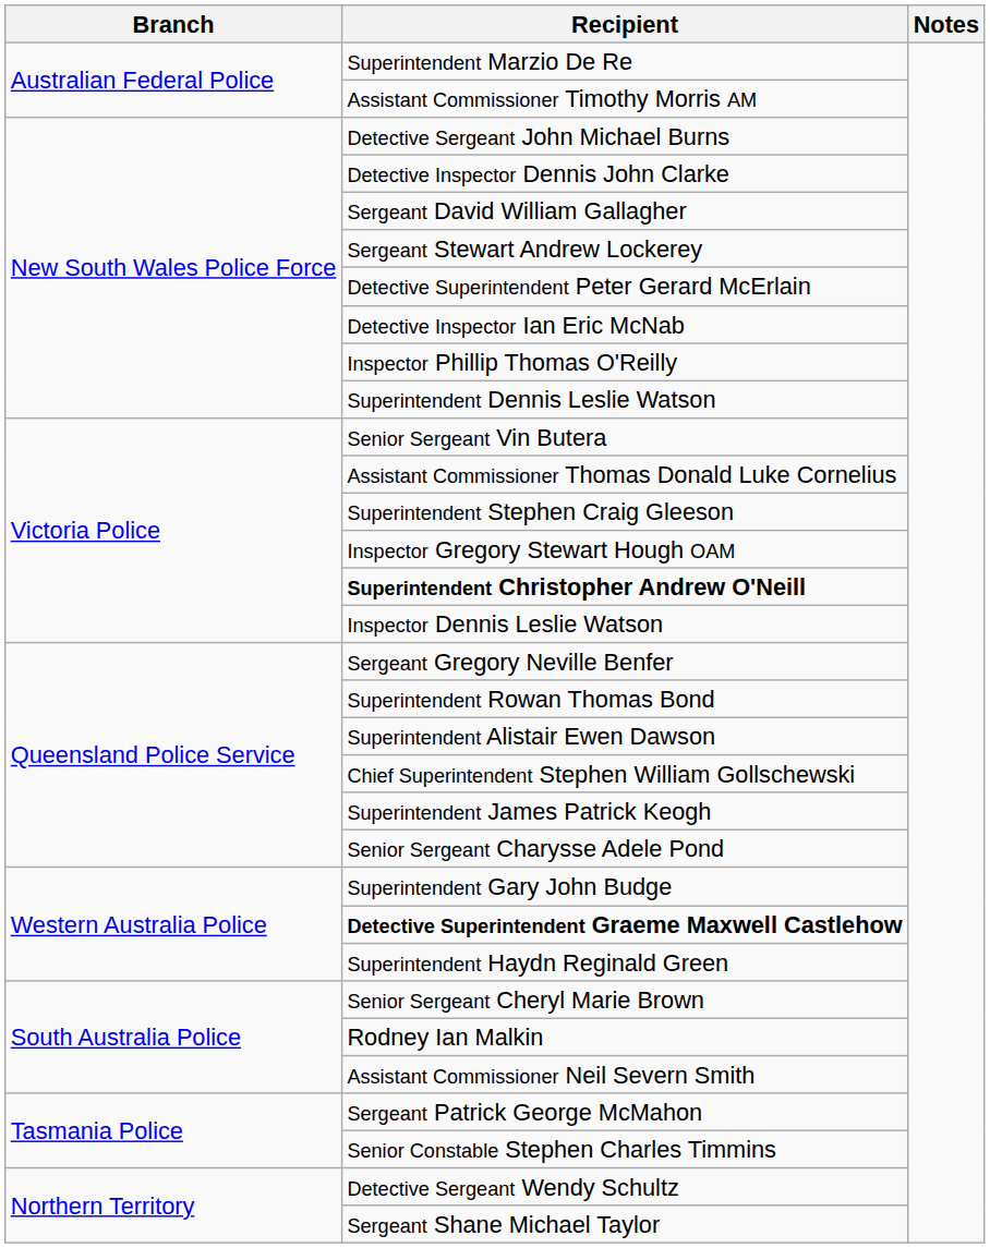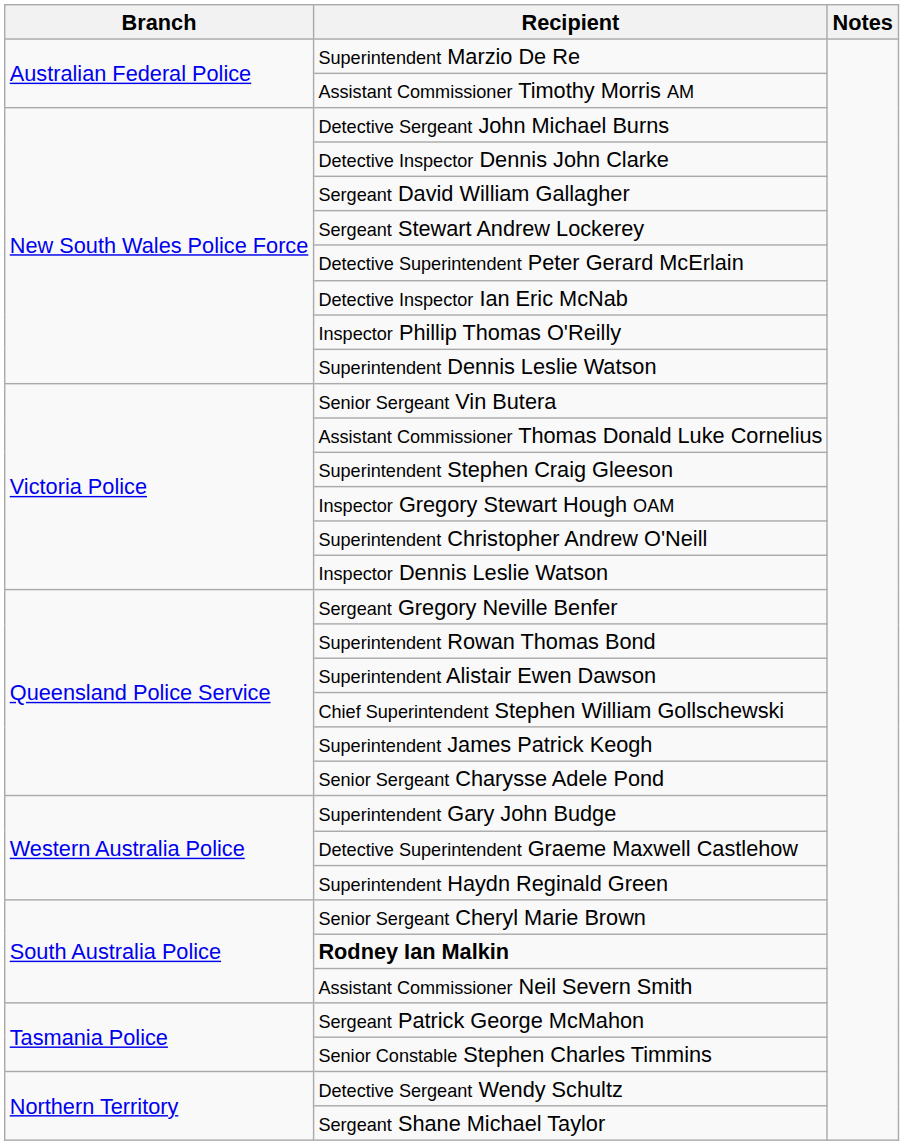 <table class="wikitable" style="font-size:95%;">
 <tr>
 <th>Branch</th>
 <th>Recipient</th>
 <th>Notes</th>
 </tr>
 <tr>
 <td rowspan=2><a href='#'>Australian Federal Police</a></td>
 <td><small>Superintendent</small> Marzio De Re</td>
 <td rowspan=32></td>
 </tr>
 <tr>
 <td><small>Assistant Commissioner</small> Timothy Morris <small>AM</small></td>
 </tr>
 <tr>
 <td rowspan=8><a href='#'>New South Wales Police Force</a></td>
 <td><small>Detective Sergeant</small> John Michael Burns</td>
 </tr>
 <tr>
 <td><small>Detective Inspector</small> Dennis John Clarke</td>
 </tr>
 <tr>
 <td><small>Sergeant</small> David William Gallagher</td>
 </tr>
 <tr>
 <td><small>Sergeant</small> Stewart Andrew Lockerey</td>
 </tr>
 <tr>
 <td><small>Detective Superintendent</small> Peter Gerard McErlain</td>
 </tr>
 <tr>
 <td><small>Detective Inspector</small> Ian Eric McNab</td>
 </tr>
 <tr>
 <td><small>Inspector</small> Phillip Thomas O'Reilly</td>
 </tr>
 <tr>
 <td><small>Superintendent</small> Dennis Leslie Watson</td>
 </tr>
 <tr>
 <td rowspan=6><a href='#'>Victoria Police</a></td>
 <td><small>Senior Sergeant</small> Vin Butera</td>
 </tr>
 <tr>
 <td><small>Assistant Commissioner</small> Thomas Donald Luke Cornelius</td>
 </tr>
 <tr>
 <td><small>Superintendent</small> Stephen Craig Gleeson</td>
 </tr>
 <tr>
 <td><small>Inspector</small> Gregory Stewart Hough <small>OAM</small></td>
 </tr>
 <tr>
-<td><strong><small>Superintendent</small> Christopher Andrew O'Neill</strong></td>
+<td><small>Superintendent</small> Christopher Andrew O'Neill</td>
 </tr>
 <tr>
 <td><small>Inspector</small> Dennis Leslie Watson</td>
 </tr>
 <tr>
 <td rowspan=6><a href='#'>Queensland Police Service</a></td>
 <td><small>Sergeant</small> Gregory Neville Benfer</td>
 </tr>
 <tr>
 <td><small>Superintendent</small> Rowan Thomas Bond</td>
 </tr>
 <tr>
 <td><small>Superintendent</small> Alistair Ewen Dawson</td>
 </tr>
 <tr>
 <td><small>Chief Superintendent</small> Stephen William Gollschewski</td>
 </tr>
 <tr>
 <td><small>Superintendent</small> James Patrick Keogh</td>
 </tr>
 <tr>
 <td><small>Senior Sergeant</small> Charysse Adele Pond</td>
 </tr>
 <tr>
 <td rowspan=3><a href='#'>Western Australia Police</a></td>
 <td><small>Superintendent</small> Gary John Budge</td>
 </tr>
 <tr>
-<td><strong><small>Detective Superintendent</small> Graeme Maxwell Castlehow</strong></td>
+<td><small>Detective Superintendent</small> Graeme Maxwell Castlehow</td>
 </tr>
 <tr>
 <td><small>Superintendent</small> Haydn Reginald Green</td>
 </tr>
 <tr>
 <td rowspan=3><a href='#'>South Australia Police</a></td>
 <td><small>Senior Sergeant</small> Cheryl Marie Brown</td>
 </tr>
 <tr>
-<td>Rodney Ian Malkin</td>
+<td><strong>Rodney Ian Malkin</strong></td>
 </tr>
 <tr>
 <td><small>Assistant Commissioner</small> Neil Severn Smith</td>
 </tr>
 <tr>
 <td rowspan=2><a href='#'>Tasmania Police</a></td>
 <td><small>Sergeant</small> Patrick George McMahon</td>
 </tr>
 <tr>
 <td><small>Senior Constable</small> Stephen Charles Timmins </td>
 </tr>
 <tr>
 <td rowspan=2><a href='#'>Northern Territory</a></td>
 <td><small>Detective Sergeant</small> Wendy Schultz</td>
 </tr>
 <tr>
 <td><small>Sergeant</small> Shane Michael Taylor</td>
 </tr>
 </table>
